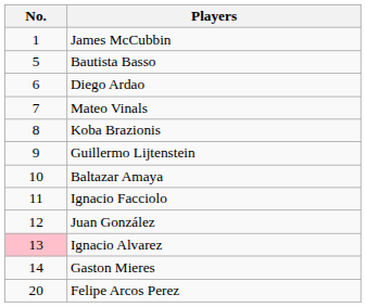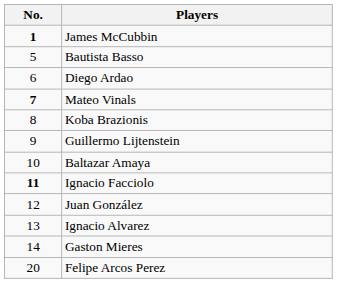 <table class="wikitable" style="text-align: center; width:25%">
 <tr>
 <th>No.</th>
 <th>Players</th>
 </tr>
 <tr>
-<td>1</td>
+<td><strong>1</strong></td>
 <td align="left">James McCubbin</td>
 </tr>
 <tr>
 <td>5</td>
 <td align="left">Bautista Basso</td>
 </tr>
 <tr>
 <td>6</td>
 <td align="left">Diego Ardao</td>
 </tr>
 <tr>
-<td>7</td>
+<td><strong>7</strong></td>
 <td align="left">Mateo Vinals</td>
 </tr>
 <tr>
 <td>8</td>
 <td align="left">Koba Brazionis</td>
 </tr>
 <tr>
 <td>9</td>
 <td align="left">Guillermo Lijtenstein</td>
 </tr>
 <tr>
 <td>10</td>
 <td align="left">Baltazar Amaya</td>
 </tr>
 <tr>
-<td>11</td>
+<td><strong>11</strong></td>
 <td align="left">Ignacio Facciolo</td>
 </tr>
 <tr>
 <td>12</td>
 <td align="left">Juan González</td>
 </tr>
 <tr>
-<td style="background: pink;">13</td>
+<td>13</td>
 <td align="left">Ignacio Alvarez</td>
 </tr>
 <tr>
 <td>14</td>
 <td align="left">Gaston Mieres</td>
 </tr>
 <tr>
 <td>20</td>
 <td align="left">Felipe Arcos Perez</td>
 </tr>
 </table>
